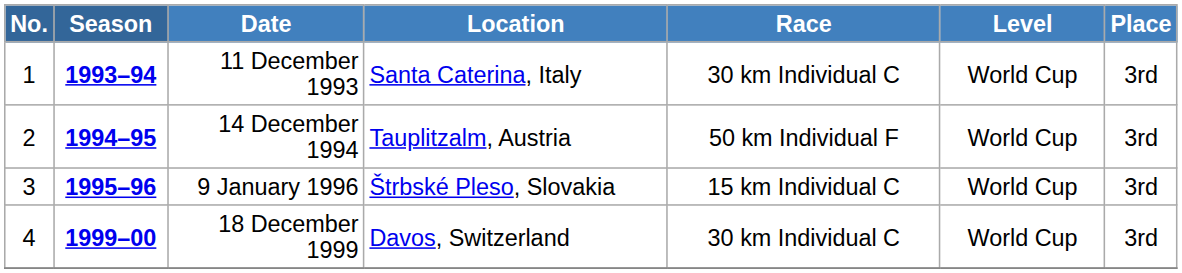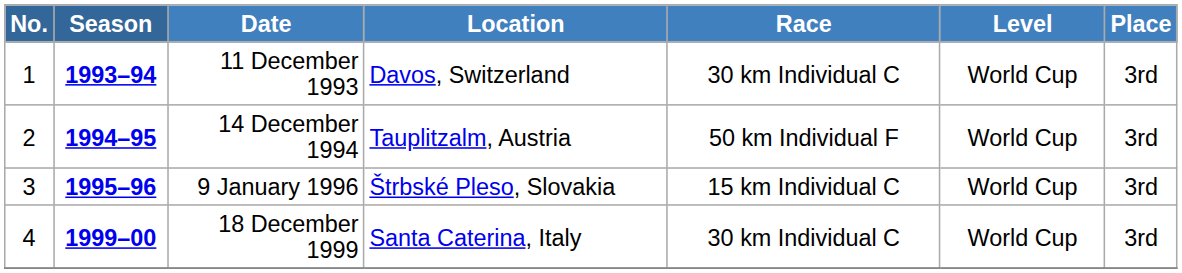 <table class="wikitable sortable" style="font-size:95%; text-align:center; border:grey solid 1px; border-collapse:collapse; background:#ffffff;">
 <tr style="background:#efefef;">
 <th style="background-color:#369; color:white;">No.</th>
 <th style="background-color:#369; color:white;">Season</th>
 <th style="background-color:#4180be; color:white; width:120px;">Date</th>
 <th style="background-color:#4180be; color:white; width:190px;">Location</th>
 <th style="background-color:#4180be; color:white; width:170px;">Race</th>
 <th style="background-color:#4180be; color:white; width:100px;">Level</th>
 <th style="background-color:#4180be; color:white;">Place</th>
 </tr>
 <tr>
 <td align=center>1</td>
 <td rowspan=1 align=center><strong> <a href='#'>1993–94</a> </strong></td>
 <td align=right>11 December 1993</td>
-<td align=left> <a href='#'>Santa Caterina</a>, Italy</td>
+<td align=left> <a href='#'>Davos</a>, Switzerland</td>
 <td>30 km Individual C</td>
 <td>World Cup</td>
 <td>3rd</td>
 </tr>
 <tr>
 <td align=center>2</td>
 <td rowspan=1 align=center><strong> <a href='#'>1994–95</a> </strong></td>
 <td align=right>14 December 1994</td>
 <td align=left> <a href='#'>Tauplitzalm</a>, Austria</td>
 <td>50 km Individual F</td>
 <td>World Cup</td>
 <td>3rd</td>
 </tr>
 <tr>
 <td align=center>3</td>
 <td rowspan=1 align=center><strong> <a href='#'>1995–96</a> </strong></td>
 <td align=right>9 January 1996</td>
 <td align=left> <a href='#'>Štrbské Pleso</a>, Slovakia</td>
 <td>15 km Individual C</td>
 <td>World Cup</td>
 <td>3rd</td>
 </tr>
 <tr>
 <td align=center>4</td>
 <td rowspan=1 align=center><strong> <a href='#'>1999–00</a> </strong></td>
 <td align=right>18 December 1999</td>
-<td align=left> <a href='#'>Davos</a>, Switzerland</td>
+<td align=left> <a href='#'>Santa Caterina</a>, Italy</td>
 <td>30 km Individual C</td>
 <td>World Cup</td>
 <td>3rd</td>
 </tr>
 <tr>
 </tr>
 </table>
